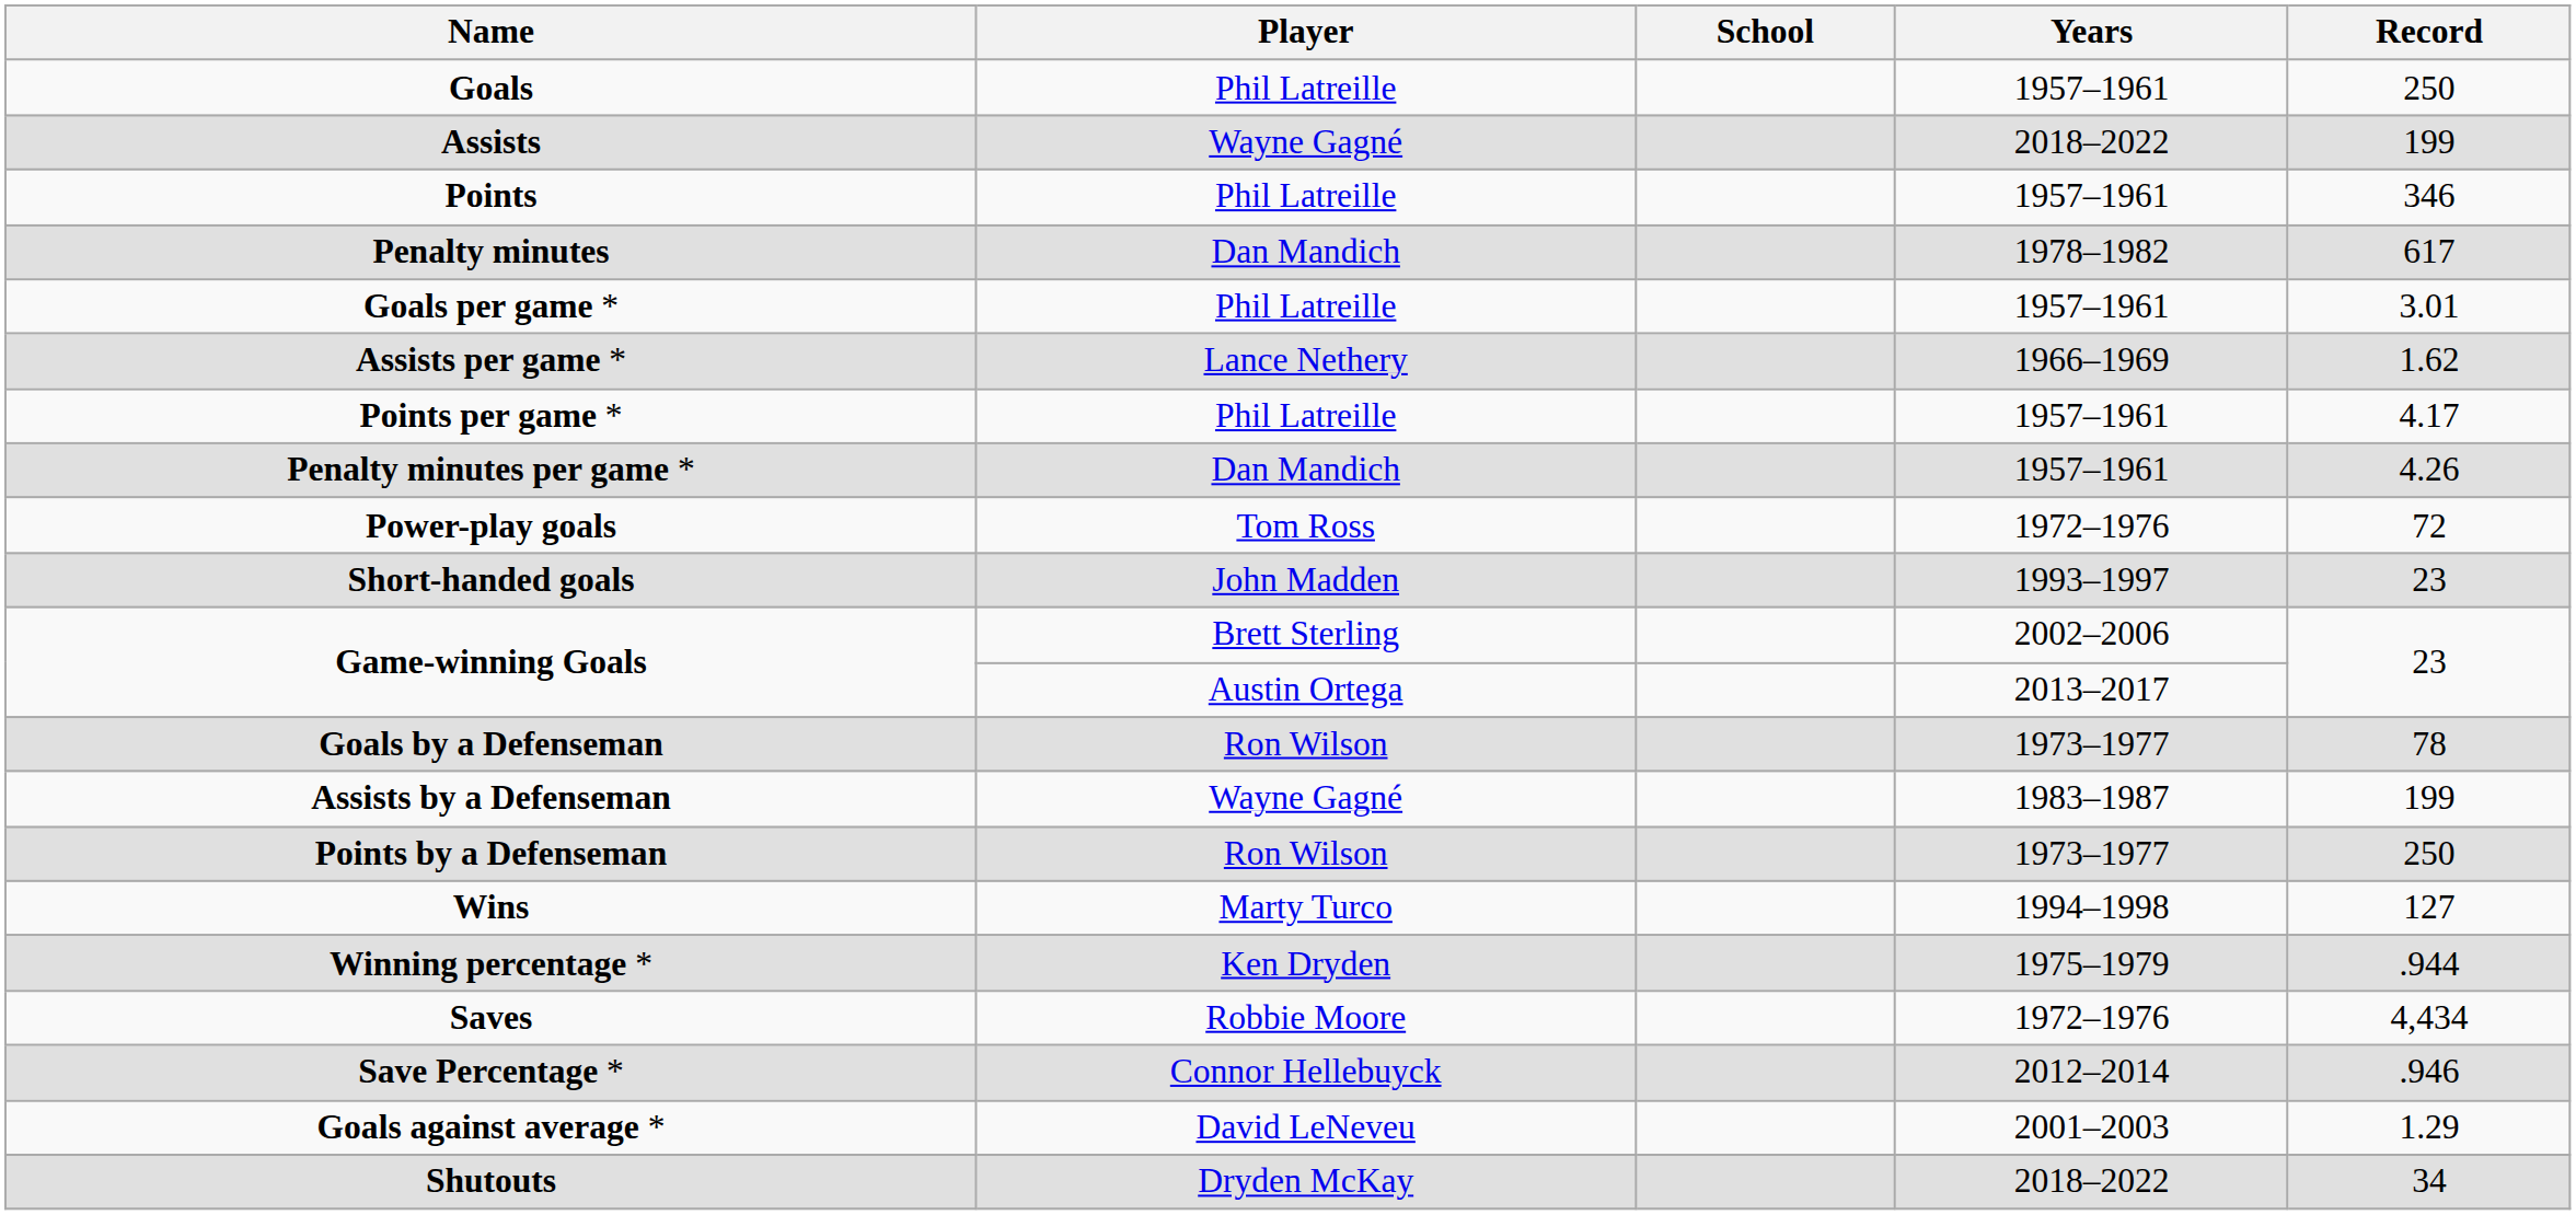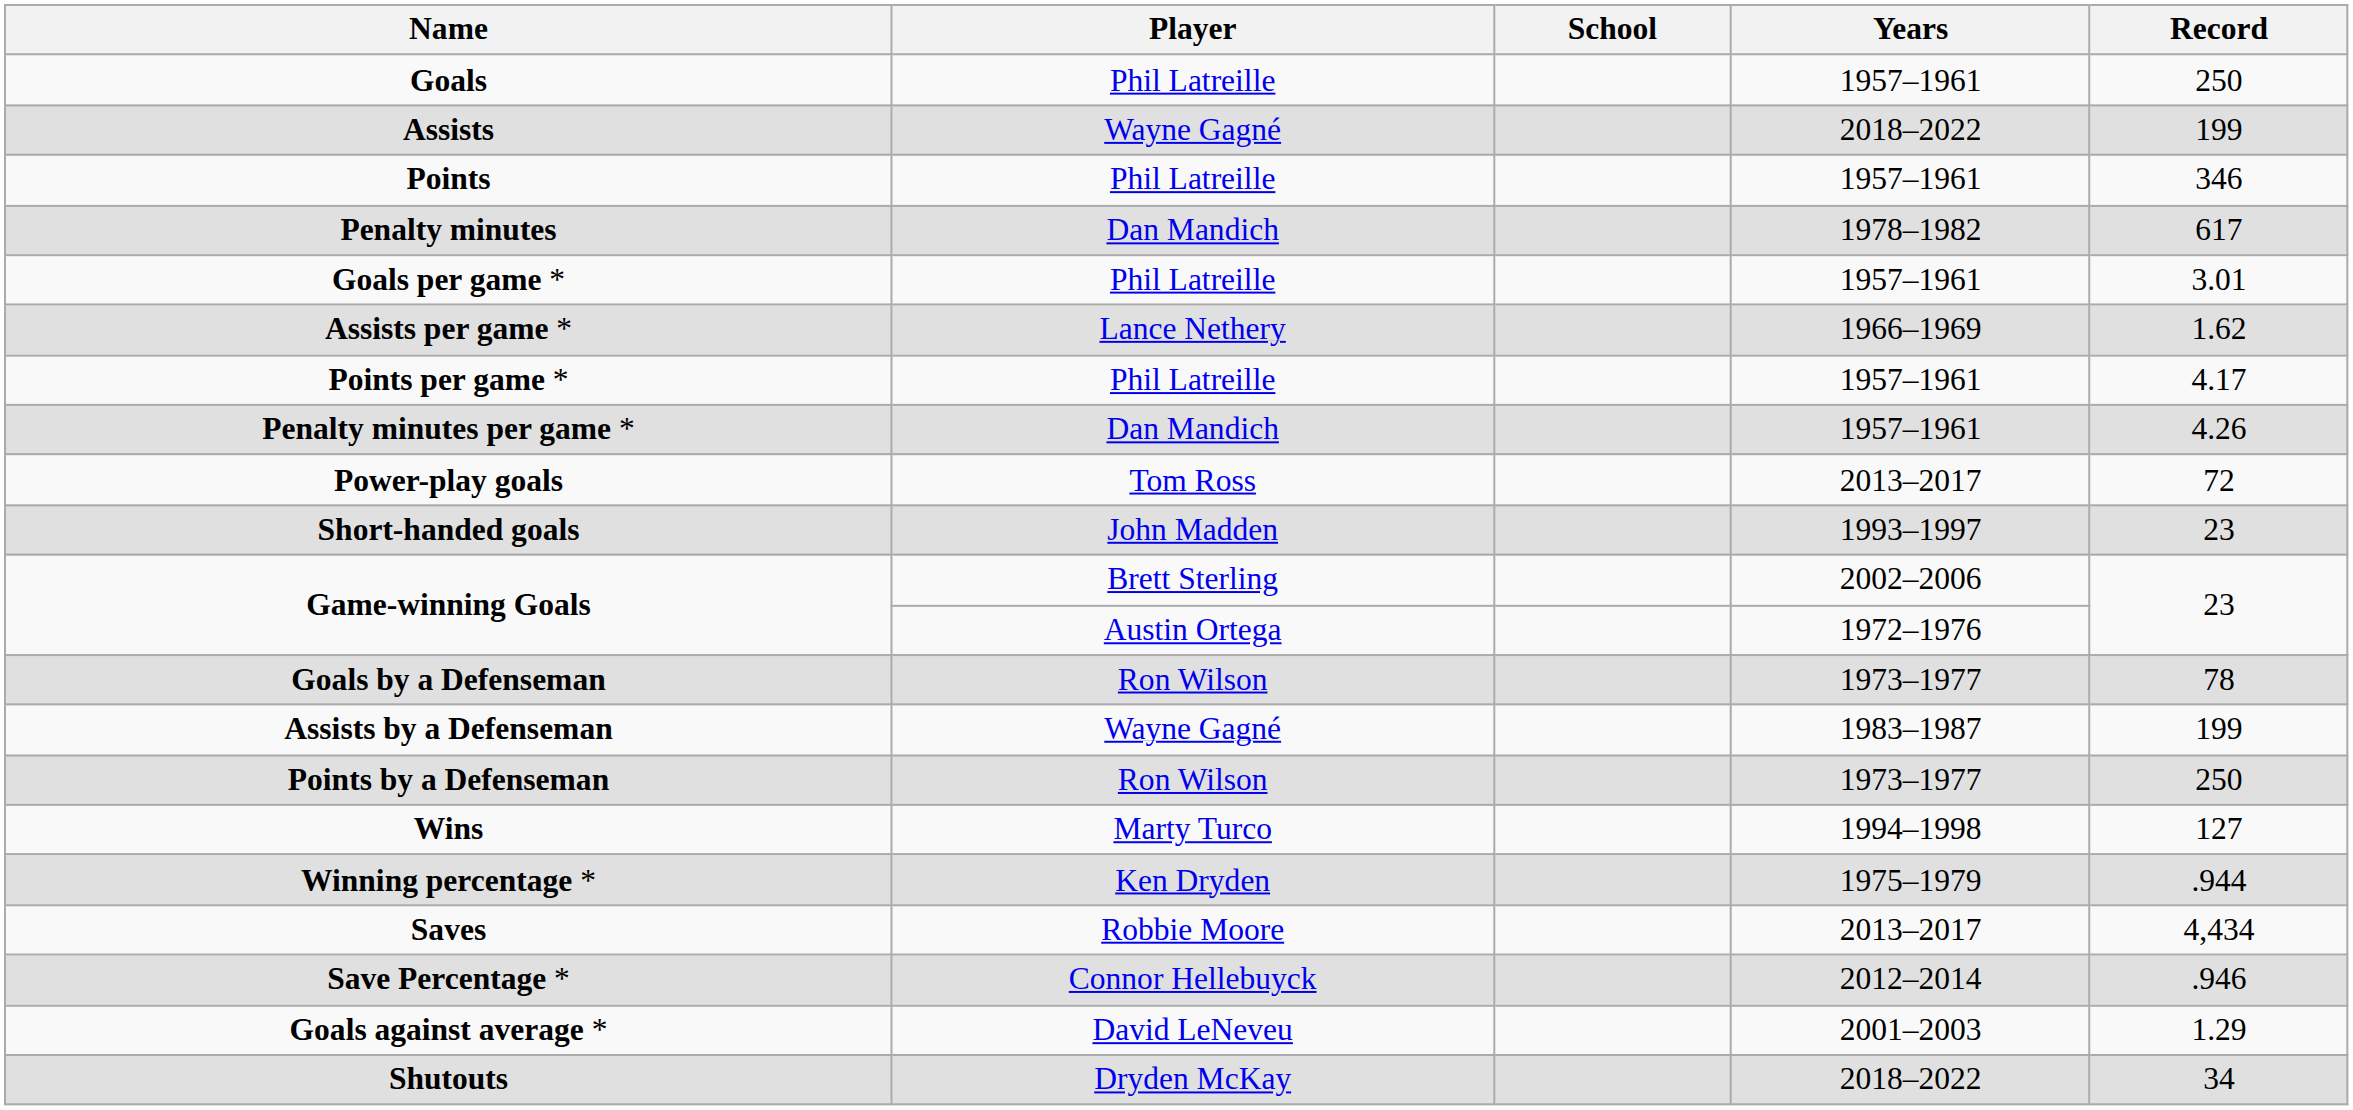 <table class="wikitable" width =60%>
 <tr>
 <th>Name</th>
 <th>Player</th>
 <th>School</th>
 <th>Years</th>
 <th>Record</th>
 </tr>
 <tr align=center>
 <td><strong>Goals</strong></td>
 <td><a href='#'>Phil Latreille</a></td>
 <td><strong><a href='#'></a></strong></td>
 <td>1957–1961</td>
 <td>250</td>
 </tr>
 <tr align=center bgcolor=e0e0e0>
 <td><strong>Assists</strong></td>
 <td><a href='#'>Wayne Gagné</a></td>
 <td><strong><a href='#'></a></strong></td>
 <td>2018–2022</td>
 <td>199</td>
 </tr>
 <tr align=center>
 <td><strong>Points</strong></td>
 <td><a href='#'>Phil Latreille</a></td>
 <td><strong><a href='#'></a></strong></td>
 <td>1957–1961</td>
 <td>346</td>
 </tr>
 <tr align=center bgcolor=e0e0e0>
 <td><strong>Penalty minutes</strong></td>
 <td><a href='#'>Dan Mandich</a></td>
 <td><strong><a href='#'></a></strong></td>
 <td>1978–1982</td>
 <td>617</td>
 </tr>
 <tr align=center>
 <td><strong>Goals per game</strong> *</td>
 <td><a href='#'>Phil Latreille</a></td>
 <td><strong><a href='#'></a></strong></td>
 <td>1957–1961</td>
 <td>3.01</td>
 </tr>
 <tr align=center bgcolor=e0e0e0>
 <td><strong>Assists per game</strong> *</td>
 <td><a href='#'>Lance Nethery</a></td>
 <td><strong><a href='#'></a></strong></td>
 <td>1966–1969</td>
 <td>1.62</td>
 </tr>
 <tr align=center>
 <td><strong>Points per game</strong> *</td>
 <td><a href='#'>Phil Latreille</a></td>
 <td><strong><a href='#'></a></strong></td>
 <td>1957–1961</td>
 <td>4.17</td>
 </tr>
 <tr align=center bgcolor=e0e0e0>
 <td><strong>Penalty minutes per game</strong> *</td>
 <td><a href='#'>Dan Mandich</a></td>
 <td><strong><a href='#'></a></strong></td>
 <td>1957–1961</td>
 <td>4.26</td>
 </tr>
 <tr align=center>
 <td><strong>Power-play goals</strong></td>
 <td><a href='#'>Tom Ross</a></td>
 <td><strong><a href='#'></a></strong></td>
-<td>1972–1976</td>
+<td>2013–2017</td>
 <td>72</td>
 </tr>
 <tr align=center bgcolor=e0e0e0>
 <td><strong>Short-handed goals</strong></td>
 <td><a href='#'>John Madden</a></td>
 <td><strong><a href='#'></a></strong></td>
 <td>1993–1997</td>
 <td>23</td>
 </tr>
 <tr align=center>
 <td rowspan=2><strong>Game-winning Goals</strong></td>
 <td><a href='#'>Brett Sterling</a></td>
 <td><strong><a href='#'></a></strong></td>
 <td>2002–2006</td>
 <td rowspan=2>23</td>
 </tr>
 <tr align=center>
 <td><a href='#'>Austin Ortega</a></td>
 <td><strong><a href='#'></a></strong></td>
-<td>2013–2017</td>
+<td>1972–1976</td>
 </tr>
 <tr align=center bgcolor=e0e0e0>
 <td><strong>Goals by a Defenseman</strong></td>
 <td><a href='#'>Ron Wilson</a></td>
 <td><strong><a href='#'></a></strong></td>
 <td>1973–1977</td>
 <td>78</td>
 </tr>
 <tr align=center>
 <td><strong>Assists by a Defenseman</strong></td>
 <td><a href='#'>Wayne Gagné</a></td>
 <td><strong><a href='#'></a></strong></td>
 <td>1983–1987</td>
 <td>199</td>
 </tr>
 <tr align=center bgcolor=e0e0e0>
 <td><strong>Points by a Defenseman</strong></td>
 <td><a href='#'>Ron Wilson</a></td>
 <td><strong><a href='#'></a></strong></td>
 <td>1973–1977</td>
 <td>250</td>
 </tr>
 <tr align=center>
 <td><strong>Wins</strong></td>
 <td><a href='#'>Marty Turco</a></td>
 <td><strong><a href='#'></a></strong></td>
 <td>1994–1998</td>
 <td>127</td>
 </tr>
 <tr align=center bgcolor=e0e0e0>
 <td><strong>Winning percentage</strong> *</td>
 <td><a href='#'>Ken Dryden</a></td>
 <td><strong><a href='#'></a></strong></td>
 <td>1975–1979</td>
 <td>.944</td>
 </tr>
 <tr align=center>
 <td><strong>Saves</strong></td>
 <td><a href='#'>Robbie Moore</a></td>
 <td><strong><a href='#'></a></strong></td>
-<td>1972–1976</td>
+<td>2013–2017</td>
 <td>4,434</td>
 </tr>
 <tr align=center bgcolor=e0e0e0>
 <td><strong>Save Percentage</strong> *</td>
 <td><a href='#'>Connor Hellebuyck</a></td>
 <td><strong><a href='#'></a></strong></td>
 <td>2012–2014</td>
 <td>.946</td>
 </tr>
 <tr align=center>
 <td><strong>Goals against average</strong> *</td>
 <td><a href='#'>David LeNeveu</a></td>
 <td><strong><a href='#'></a></strong></td>
 <td>2001–2003</td>
 <td>1.29</td>
 </tr>
 <tr align=center bgcolor=e0e0e0>
 <td><strong>Shutouts</strong></td>
 <td><a href='#'>Dryden McKay</a></td>
 <td><strong><a href='#'></a></strong></td>
 <td>2018–2022</td>
 <td>34</td>
 </tr>
 </table>
